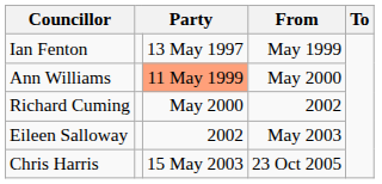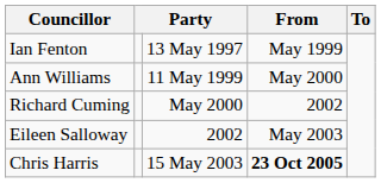 <table class=wikitable>
 <tr>
 <th>Councillor</th>
 <th colspan=2>Party</th>
 <th>From</th>
 <th>To</th>
 </tr>
 <tr>
 <td>Ian Fenton</td>
 <td></td>
 <td align=right>13 May 1997</td>
 <td align=right>May 1999</td>
 </tr>
 <tr>
 <td>Ann Williams</td>
 <td></td>
-<td align=right style="background: lightsalmon;">11 May 1999</td>
+<td align=right>11 May 1999</td>
 <td align=right>May 2000</td>
 </tr>
 <tr>
 <td>Richard Cuming</td>
 <td></td>
 <td align=right>May 2000</td>
 <td align=right>2002</td>
 </tr>
 <tr>
 <td>Eileen Salloway</td>
 <td></td>
 <td align=right>2002</td>
 <td align=right>May 2003</td>
 </tr>
 <tr>
 <td>Chris Harris</td>
 <td></td>
 <td align=right>15 May 2003</td>
-<td align=right>23 Oct 2005</td>
+<td align=right><strong>23 Oct 2005</strong></td>
 </tr>
 </table>
